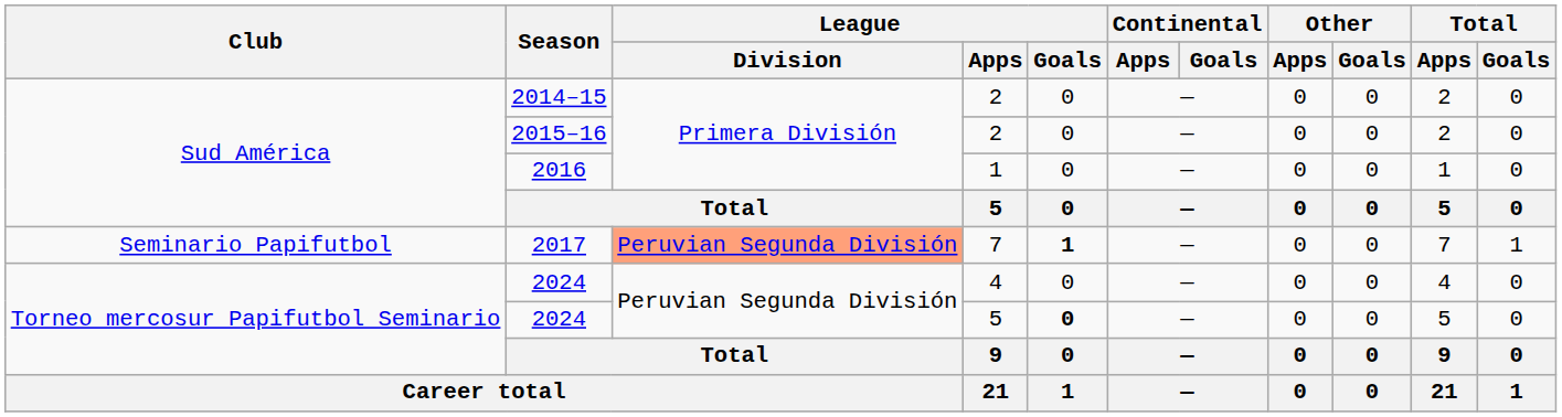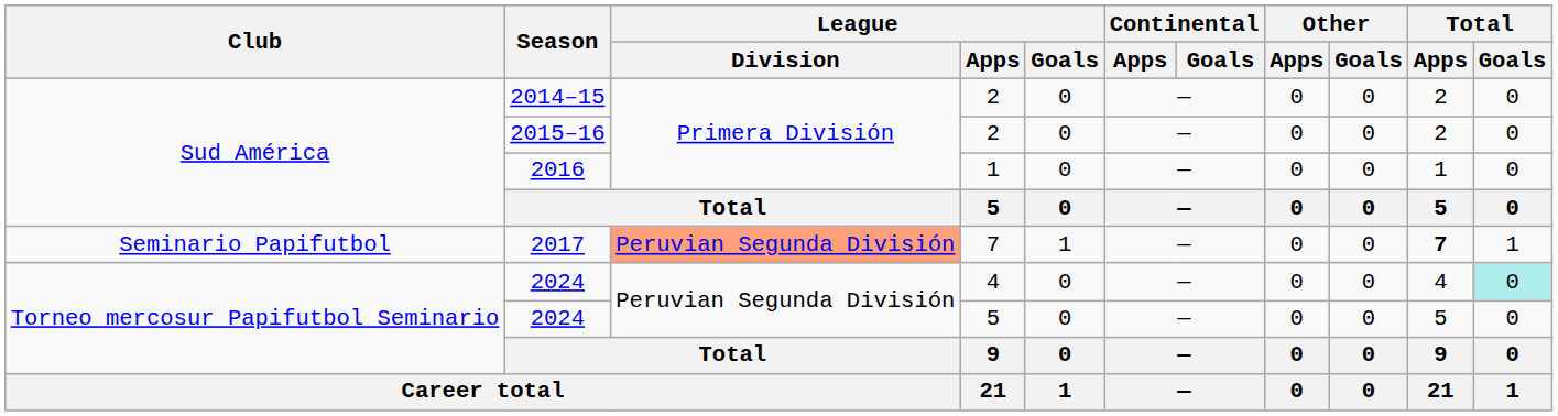 <table class="wikitable" style="text-align:center">
 <tr>
 <th rowspan="2">Club</th>
 <th rowspan="2">Season</th>
 <th colspan="3">League</th>
 <th colspan="2">Continental</th>
 <th colspan="2">Other</th>
 <th colspan="2">Total</th>
 </tr>
 <tr>
 <th>Division</th>
 <th>Apps</th>
 <th>Goals</th>
 <th>Apps</th>
 <th>Goals</th>
 <th>Apps</th>
 <th>Goals</th>
 <th>Apps</th>
 <th>Goals</th>
 </tr>
 <tr>
 <td rowspan="4"><a href='#'>Sud América</a></td>
 <td><a href='#'>2014–15</a></td>
 <td rowspan="3"><a href='#'>Primera División</a></td>
 <td>2</td>
 <td>0</td>
 <td colspan="2">—</td>
 <td>0</td>
 <td>0</td>
 <td>2</td>
 <td>0</td>
 </tr>
 <tr>
 <td><a href='#'>2015–16</a></td>
 <td>2</td>
 <td>0</td>
 <td colspan="2">—</td>
 <td>0</td>
 <td>0</td>
 <td>2</td>
 <td>0</td>
 </tr>
 <tr>
 <td><a href='#'>2016</a></td>
 <td>1</td>
 <td>0</td>
 <td colspan="2">—</td>
 <td>0</td>
 <td>0</td>
 <td>1</td>
 <td>0</td>
 </tr>
 <tr>
 <th colspan="2">Total</th>
 <th>5</th>
 <th>0</th>
 <th colspan="2">—</th>
 <th>0</th>
 <th>0</th>
 <th>5</th>
 <th>0</th>
 </tr>
 <tr>
 <td><a href='#'>Seminario Papifutbol</a></td>
 <td><a href='#'>2017</a></td>
 <td style="background: lightsalmon;"><a href='#'>Peruvian Segunda División</a></td>
 <td>7</td>
-<td><strong>1</strong></td>
+<td>1</td>
 <td colspan="2">—</td>
 <td>0</td>
 <td>0</td>
-<td>7</td>
+<td><strong>7</strong></td>
 <td>1</td>
 </tr>
 <tr>
 <td rowspan="3"><a href='#'>Torneo mercosur Papifutbol Seminario</a></td>
 <td><a href='#'>2024</a></td>
 <td rowspan="2">Peruvian Segunda División</td>
 <td>4</td>
 <td>0</td>
 <td colspan="2">—</td>
 <td>0</td>
 <td>0</td>
 <td>4</td>
-<td>0</td>
+<td style="background: paleturquoise;">0</td>
 </tr>
 <tr>
 <td><a href='#'>2024</a></td>
 <td>5</td>
-<td><strong>0</strong></td>
+<td>0</td>
 <td colspan="2">—</td>
 <td>0</td>
 <td>0</td>
 <td>5</td>
 <td>0</td>
 </tr>
 <tr>
 <th colspan="2">Total</th>
 <th>9</th>
 <th>0</th>
 <th colspan="2">—</th>
 <th>0</th>
 <th>0</th>
 <th>9</th>
 <th>0</th>
 </tr>
 <tr>
 <th colspan="3">Career total</th>
 <th>21</th>
 <th>1</th>
 <th colspan="2">—</th>
 <th>0</th>
 <th>0</th>
 <th>21</th>
 <th>1</th>
 </tr>
 </table>
